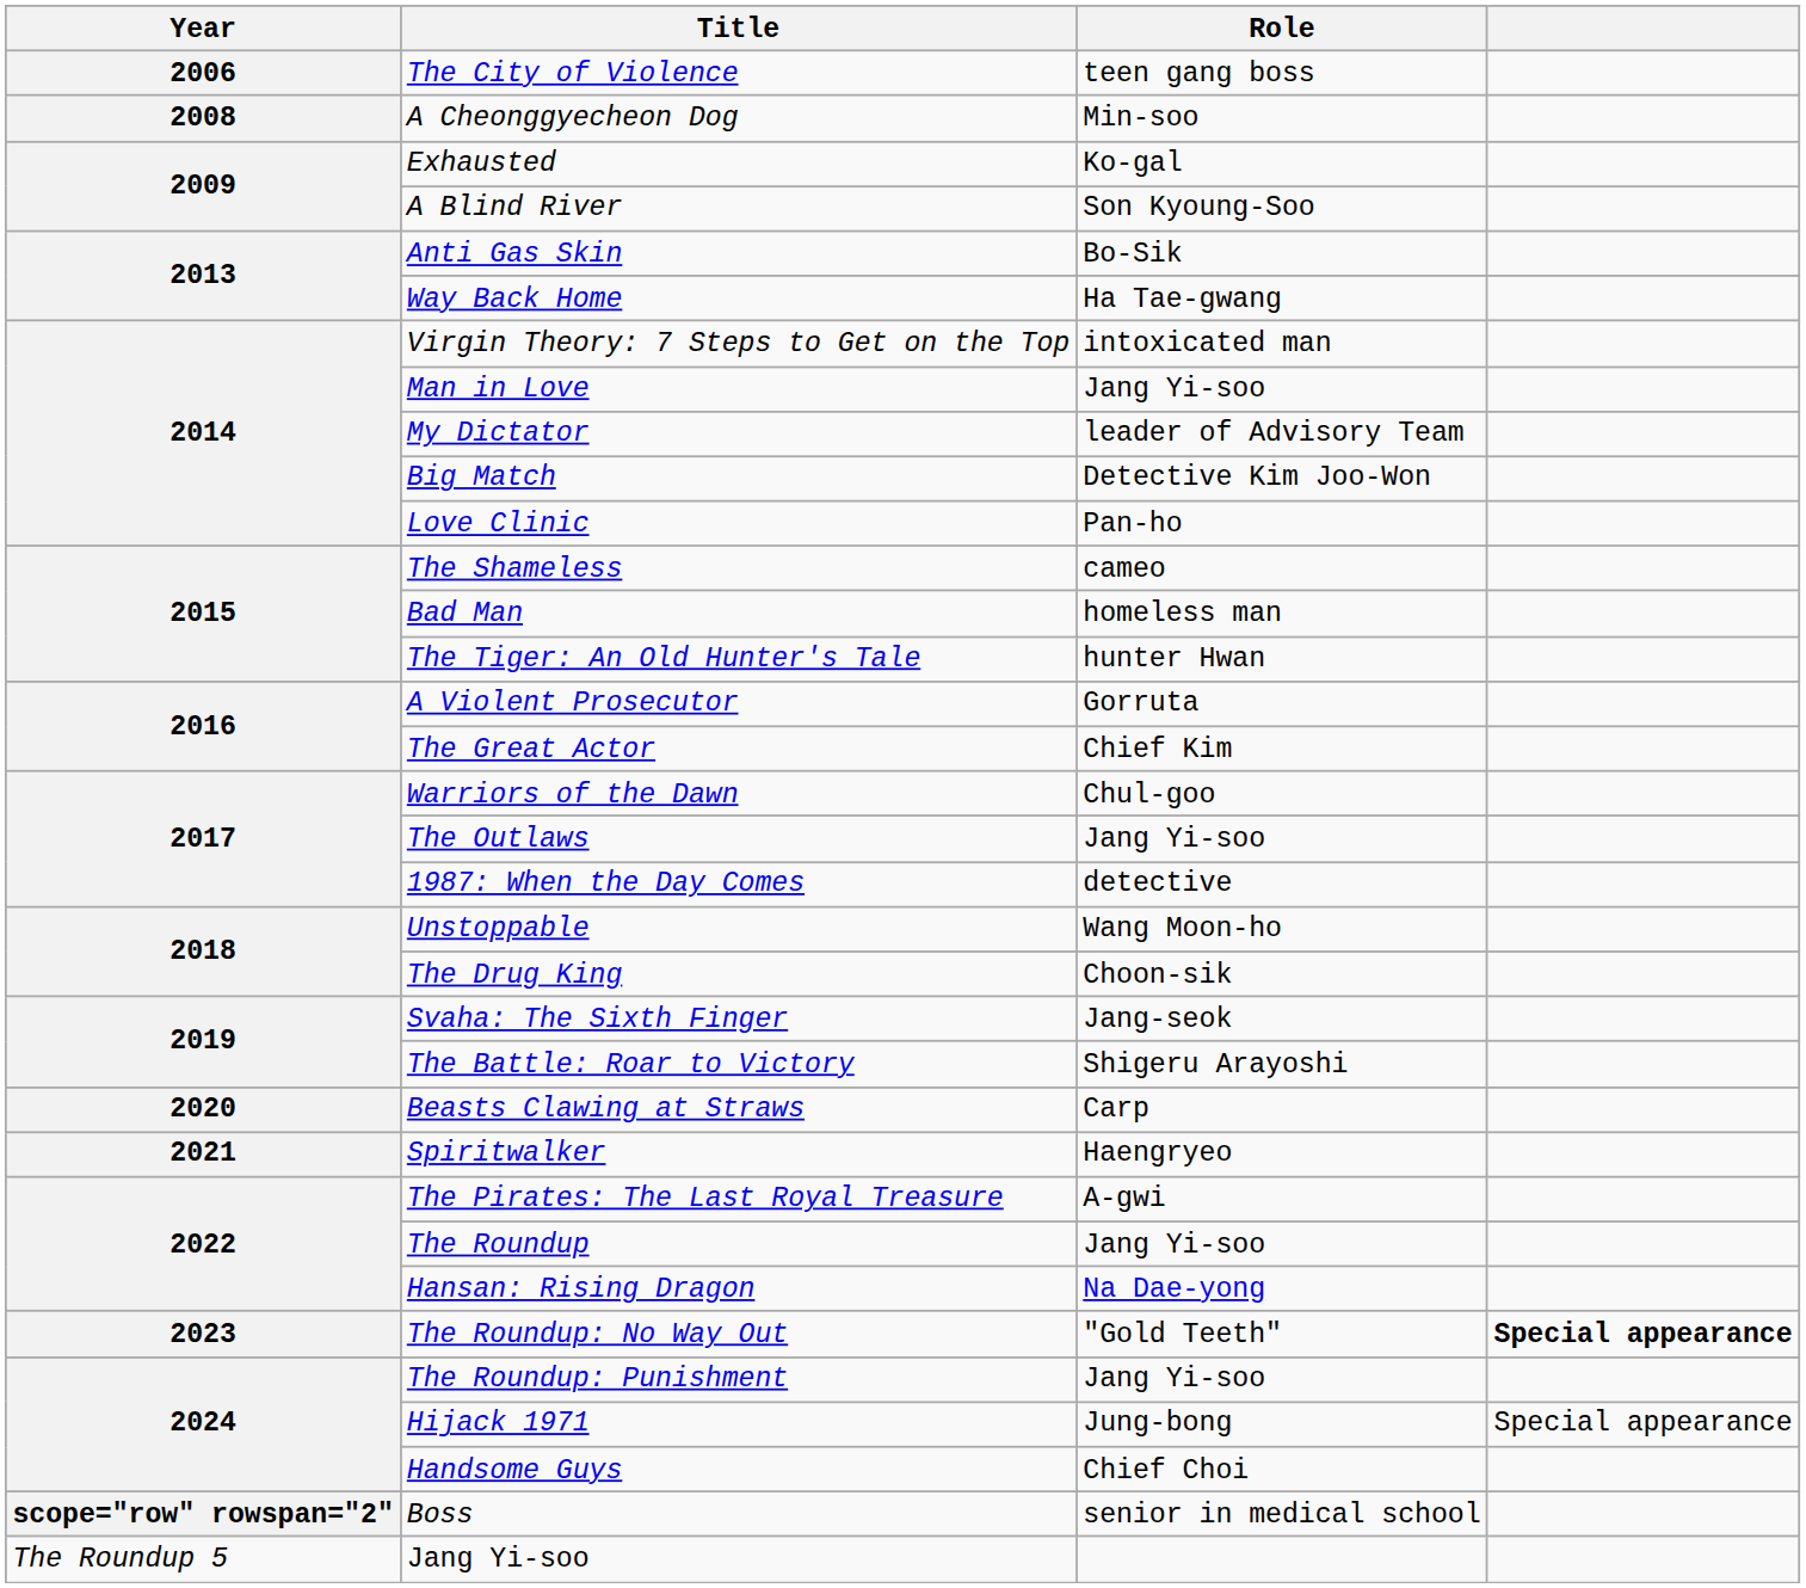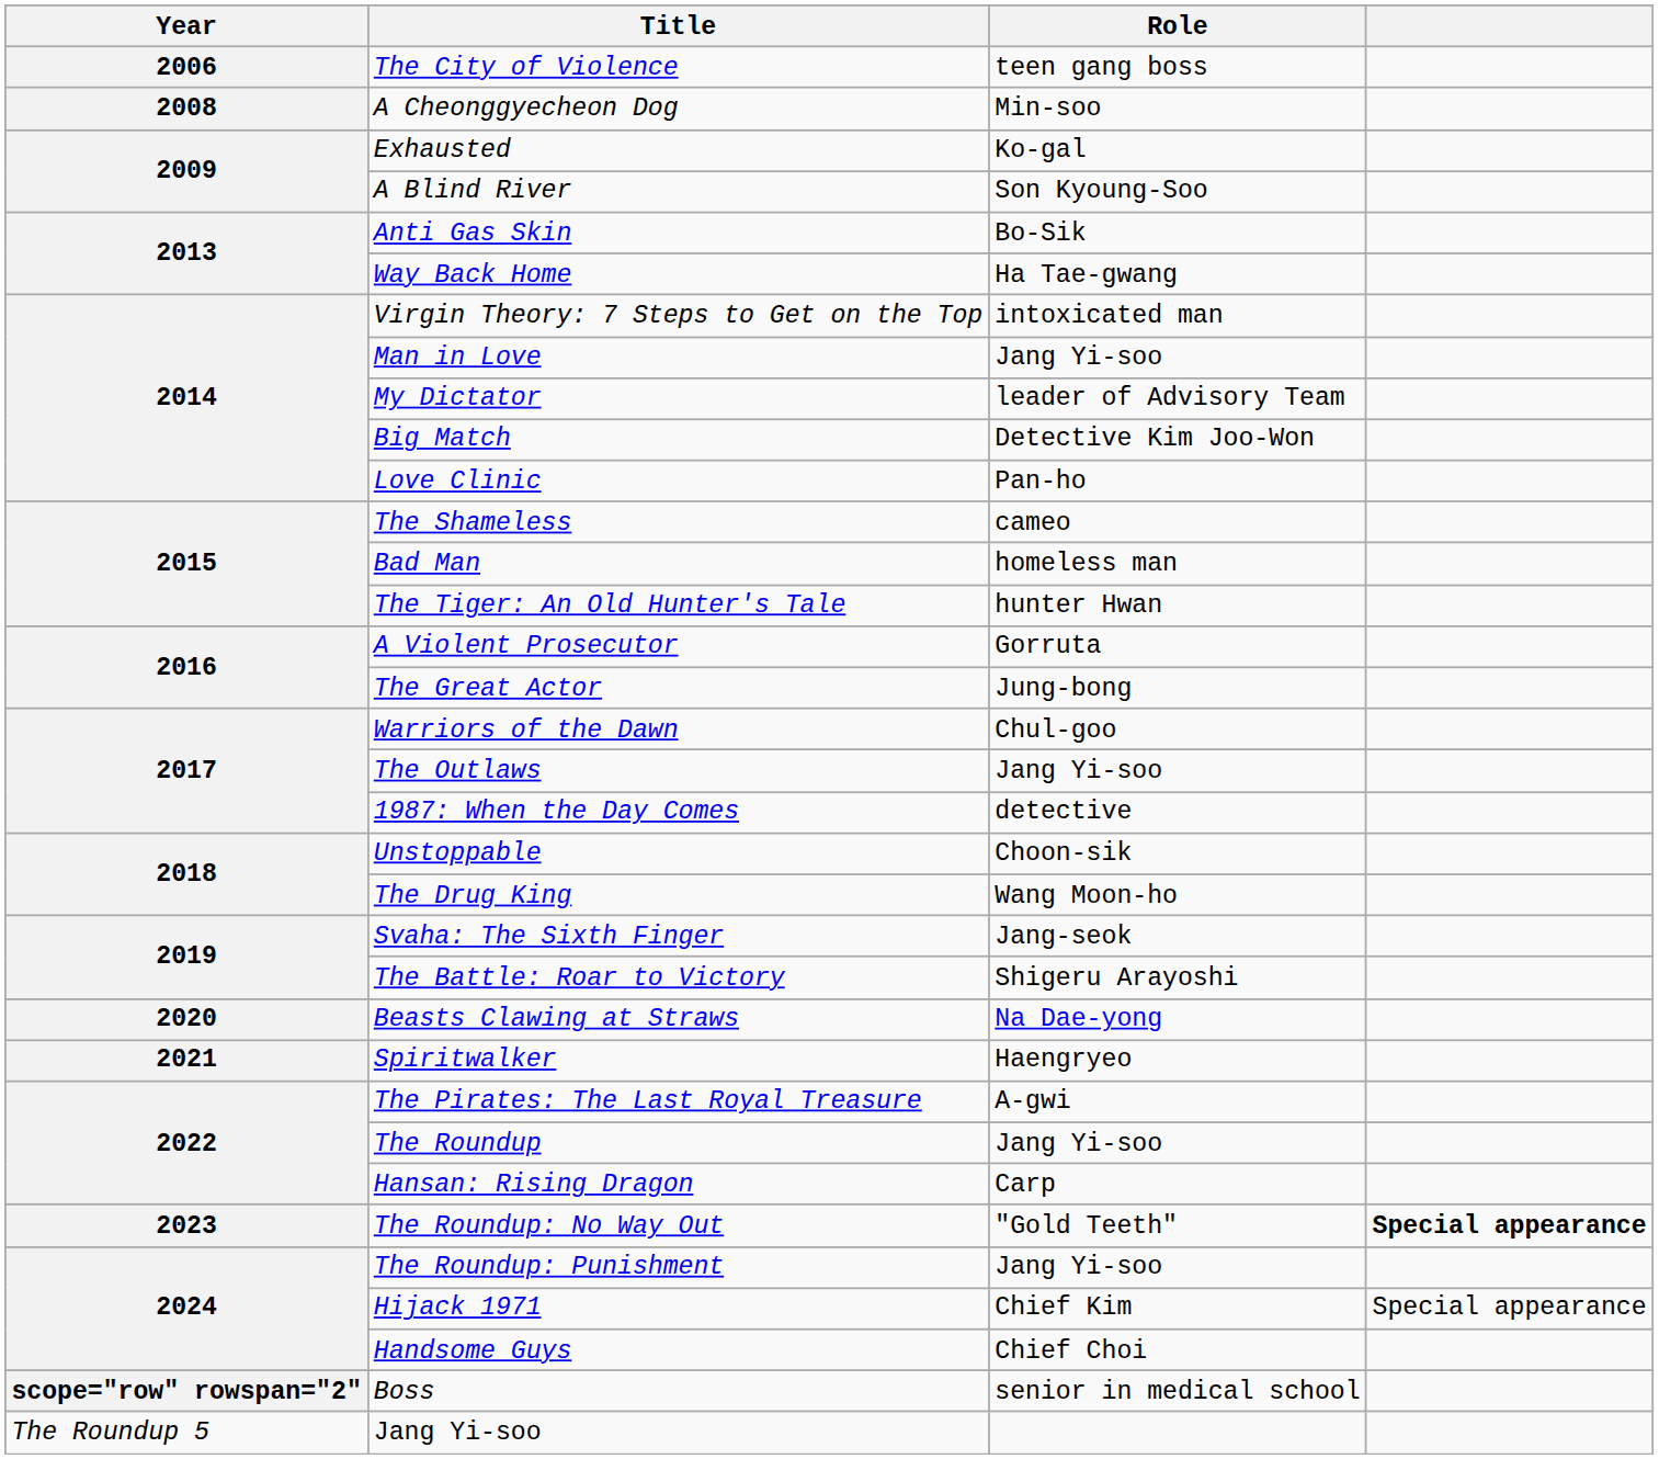 <table class="wikitable plainrowheaders sortable">
 <tr>
 <th scope="col">Year</th>
 <th scope="col">Title</th>
 <th scope="col">Role</th>
 <th scope="col" class="unsortable"></th>
 </tr>
 <tr>
 <th scope="row">2006</th>
 <td><em><a href='#'>The City of Violence</a></em></td>
 <td>teen gang boss</td>
 <td style="text-align:center"></td>
 </tr>
 <tr>
 <th scope="row">2008</th>
 <td><em>A Cheonggyecheon Dog</em></td>
 <td>Min-soo</td>
 <td style="text-align:center"></td>
 </tr>
 <tr>
 <th scope="row" rowspan="2">2009</th>
 <td><em>Exhausted</em></td>
 <td>Ko-gal</td>
 <td style="text-align:center"></td>
 </tr>
 <tr>
 <td><em>A Blind River</em></td>
 <td>Son Kyoung-Soo</td>
 <td style="text-align:center"></td>
 </tr>
 <tr>
 <th scope="row" rowspan="2">2013</th>
 <td><em><a href='#'>Anti Gas Skin</a></em></td>
 <td>Bo-Sik</td>
 <td style="text-align:center"></td>
 </tr>
 <tr>
 <td><em><a href='#'>Way Back Home</a></em></td>
 <td>Ha Tae-gwang</td>
 <td style="text-align:center"></td>
 </tr>
 <tr>
 <th scope="row" rowspan="5">2014</th>
 <td><em>Virgin Theory: 7 Steps to Get on the Top</em></td>
 <td>intoxicated man</td>
 <td style="text-align:center"></td>
 </tr>
 <tr>
 <td><em><a href='#'>Man in Love</a></em></td>
 <td>Jang Yi-soo</td>
 <td style="text-align:center"></td>
 </tr>
 <tr>
 <td><em><a href='#'>My Dictator</a></em></td>
 <td>leader of Advisory Team</td>
 <td style="text-align:center"></td>
 </tr>
 <tr>
 <td><em><a href='#'>Big Match</a></em></td>
 <td>Detective Kim Joo-Won</td>
 <td style="text-align:center"></td>
 </tr>
 <tr>
 <td><em><a href='#'>Love Clinic</a></em></td>
 <td>Pan-ho</td>
 <td style="text-align:center"></td>
 </tr>
 <tr>
 <th scope="row" rowspan="3">2015</th>
 <td><em><a href='#'>The Shameless</a></em></td>
 <td>cameo</td>
 <td style="text-align:center"></td>
 </tr>
 <tr>
 <td><em><a href='#'>Bad Man</a></em></td>
 <td>homeless man</td>
 <td style="text-align:center"></td>
 </tr>
 <tr>
 <td><em><a href='#'>The Tiger: An Old Hunter's Tale</a></em></td>
 <td>hunter Hwan</td>
 <td style="text-align:center"></td>
 </tr>
 <tr>
 <th scope="row" rowspan="2">2016</th>
 <td><em><a href='#'>A Violent Prosecutor</a></em></td>
 <td>Gorruta</td>
 <td style="text-align:center"></td>
 </tr>
 <tr>
 <td><em><a href='#'>The Great Actor</a></em></td>
-<td>Chief Kim</td>
+<td>Jung-bong</td>
 <td style="text-align:center"></td>
 </tr>
 <tr>
 <th scope="row" rowspan="3">2017</th>
 <td><em><a href='#'>Warriors of the Dawn</a></em></td>
 <td>Chul-goo</td>
 <td style="text-align:center"></td>
 </tr>
 <tr>
 <td><em><a href='#'>The Outlaws</a></em></td>
 <td>Jang Yi-soo</td>
 <td style="text-align:center"></td>
 </tr>
 <tr>
 <td><em><a href='#'>1987: When the Day Comes</a></em></td>
 <td>detective</td>
 <td style="text-align:center"></td>
 </tr>
 <tr>
 <th scope="row" rowspan="2">2018</th>
 <td><em><a href='#'>Unstoppable</a></em></td>
-<td>Wang Moon-ho</td>
+<td>Choon-sik</td>
 <td style="text-align:center"></td>
 </tr>
 <tr>
 <td><em><a href='#'>The Drug King</a></em></td>
-<td>Choon-sik</td>
+<td>Wang Moon-ho</td>
 <td style="text-align:center"></td>
 </tr>
 <tr>
 <th scope="row" rowspan="2">2019</th>
 <td><em><a href='#'>Svaha: The Sixth Finger</a></em></td>
 <td>Jang-seok</td>
 <td style="text-align:center"></td>
 </tr>
 <tr>
 <td><em><a href='#'>The Battle: Roar to Victory</a></em></td>
 <td>Shigeru Arayoshi</td>
 <td style="text-align:center"></td>
 </tr>
 <tr>
 <th scope="row">2020</th>
 <td><em><a href='#'>Beasts Clawing at Straws</a></em></td>
-<td>Carp</td>
+<td><a href='#'>Na Dae-yong</a></td>
 <td style="text-align:center"></td>
 </tr>
 <tr>
 <th scope="row">2021</th>
 <td><em><a href='#'>Spiritwalker</a></em></td>
 <td>Haengryeo</td>
 <td style="text-align:center"></td>
 </tr>
 <tr>
 <th scope="row" rowspan="3">2022</th>
 <td><em><a href='#'>The Pirates: The Last Royal Treasure</a></em></td>
 <td>A-gwi</td>
 <td style="text-align:center"></td>
 </tr>
 <tr>
 <td><em><a href='#'>The Roundup</a></em></td>
 <td>Jang Yi-soo</td>
 <td style="text-align:center"></td>
 </tr>
 <tr>
 <td><em><a href='#'>Hansan: Rising Dragon</a></em></td>
-<td><a href='#'>Na Dae-yong</a></td>
+<td>Carp</td>
 <td style="text-align:center"></td>
 </tr>
 <tr>
 <th scope="row">2023</th>
 <td><em><a href='#'>The Roundup: No Way Out</a></em></td>
 <td>"Gold Teeth"</td>
 <td style="text-align:center"><strong>Special appearance</strong></td>
 </tr>
 <tr>
 <th scope="row" rowspan="3">2024</th>
 <td><em><a href='#'>The Roundup: Punishment</a></em></td>
 <td>Jang Yi-soo</td>
 <td style="text-align:center"></td>
 </tr>
 <tr>
 <td><em><a href='#'>Hijack 1971</a></em></td>
-<td>Jung-bong</td>
+<td>Chief Kim</td>
 <td style="text-align:center">Special appearance</td>
 </tr>
 <tr>
 <td><em><a href='#'>Handsome Guys</a></em></td>
 <td>Chief Choi</td>
 <td style="text-align:center"></td>
 </tr>
 <tr>
 <th>scope="row" rowspan="2" </th>
 <td><em>Boss</em></td>
 <td>senior in medical school</td>
 <td style="text-align:center"></td>
 </tr>
 <tr>
 <td><em>The Roundup 5</em></td>
 <td>Jang Yi-soo</td>
 <td style="text-align:center"></td>
 </tr>
 </table>
